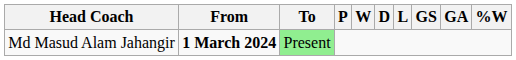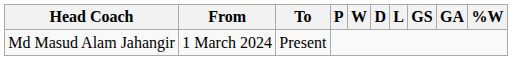 <table class="wikitable sortable" style="text-align: center">
 <tr>
 <th>Head Coach</th>
 <th class="unsortable">From</th>
 <th class="unsortable">To</th>
 <th abbr="3">P</th>
 <th abbr="1">W</th>
 <th abbr="1">D</th>
 <th abbr="1">L</th>
 <th abbr="4">GS</th>
 <th abbr="6">GA</th>
 <th abbr="50">%W</th>
 </tr>
 <tr>
 <td align="left"> Md Masud Alam Jahangir</td>
-<td align="left"><strong>1 March 2024</strong></td>
-<td align="left" style="background: lightgreen;">Present<br></td>
+<td align="left">1 March 2024</td>
+<td align="left">Present<br></td>
 </tr>
 </table>
